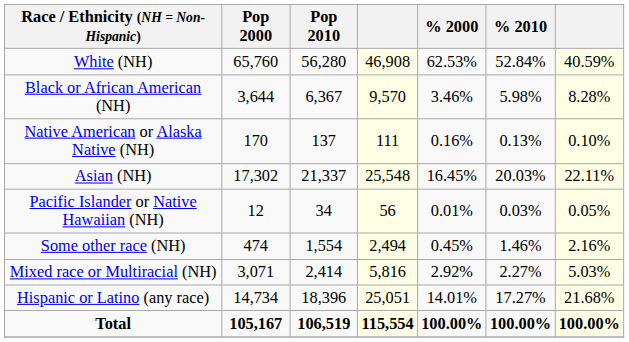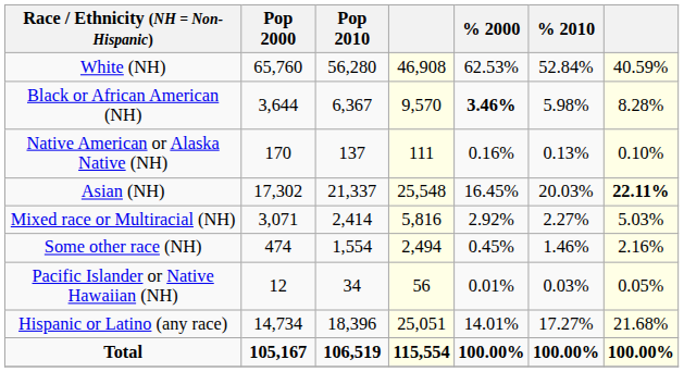 <table class="wikitable" style="text-align:center;">
 <tr>
 <th>Race / Ethnicity <small>(<em>NH = Non-Hispanic</em>)</small></th>
 <th>Pop 2000</th>
 <th>Pop 2010</th>
 <th></th>
 <th>% 2000</th>
 <th>% 2010</th>
 <th></th>
 </tr>
 <tr>
 <td><a href='#'>White</a> (NH)</td>
 <td>65,760</td>
 <td>56,280</td>
 <td style='background: #ffffe6;'>46,908</td>
 <td>62.53%</td>
 <td>52.84%</td>
 <td style='background: #ffffe6;'>40.59%</td>
 </tr>
 <tr>
 <td><a href='#'>Black or African American</a> (NH)</td>
 <td>3,644</td>
 <td>6,367</td>
 <td style='background: #ffffe6;'>9,570</td>
-<td>3.46%</td>
+<td><strong>3.46%</strong></td>
 <td>5.98%</td>
 <td style='background: #ffffe6;'>8.28%</td>
 </tr>
 <tr>
 <td><a href='#'>Native American</a> or <a href='#'>Alaska Native</a> (NH)</td>
 <td>170</td>
 <td>137</td>
 <td style='background: #ffffe6;'>111</td>
 <td>0.16%</td>
 <td>0.13%</td>
 <td style='background: #ffffe6;'>0.10%</td>
 </tr>
 <tr>
 <td><a href='#'>Asian</a> (NH)</td>
 <td>17,302</td>
 <td>21,337</td>
 <td style='background: #ffffe6;'>25,548</td>
 <td>16.45%</td>
 <td>20.03%</td>
-<td style='background: #ffffe6;'>22.11%</td>
+<td style='background: #ffffe6;'><strong>22.11%</strong></td>
 </tr>
 <tr>
-<td><a href='#'>Pacific Islander</a> or <a href='#'>Native Hawaiian</a> (NH)</td>
-<td>12</td>
-<td>34</td>
-<td style='background: #ffffe6;'>56</td>
-<td>0.01%</td>
-<td>0.03%</td>
-<td style='background: #ffffe6;'>0.05%</td>
+<td><a href='#'>Mixed race or Multiracial</a> (NH)</td>
+<td>3,071</td>
+<td>2,414</td>
+<td style='background: #ffffe6;'>5,816</td>
+<td>2.92%</td>
+<td>2.27%</td>
+<td style='background: #ffffe6;'>5.03%</td>
 </tr>
 <tr>
 <td><a href='#'>Some other race</a> (NH)</td>
 <td>474</td>
 <td>1,554</td>
 <td style='background: #ffffe6;'>2,494</td>
 <td>0.45%</td>
 <td>1.46%</td>
 <td style='background: #ffffe6;'>2.16%</td>
 </tr>
 <tr>
-<td><a href='#'>Mixed race or Multiracial</a> (NH)</td>
-<td>3,071</td>
-<td>2,414</td>
-<td style='background: #ffffe6;'>5,816</td>
-<td>2.92%</td>
-<td>2.27%</td>
-<td style='background: #ffffe6;'>5.03%</td>
+<td><a href='#'>Pacific Islander</a> or <a href='#'>Native Hawaiian</a> (NH)</td>
+<td>12</td>
+<td>34</td>
+<td style='background: #ffffe6;'>56</td>
+<td>0.01%</td>
+<td>0.03%</td>
+<td style='background: #ffffe6;'>0.05%</td>
 </tr>
 <tr>
 <td><a href='#'>Hispanic or Latino</a> (any race)</td>
 <td>14,734</td>
 <td>18,396</td>
 <td style='background: #ffffe6;'>25,051</td>
 <td>14.01%</td>
 <td>17.27%</td>
 <td style='background: #ffffe6;'>21.68%</td>
 </tr>
 <tr>
 <td><strong>Total</strong></td>
 <td><strong>105,167</strong></td>
 <td><strong>106,519</strong></td>
 <td style='background: #ffffe6;'><strong>115,554</strong></td>
 <td><strong>100.00%</strong></td>
 <td><strong>100.00%</strong></td>
 <td style='background: #ffffe6;'><strong>100.00%</strong></td>
 </tr>
 <tr>
 </tr>
 </table>
